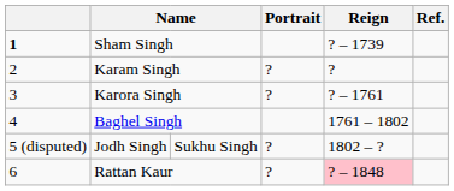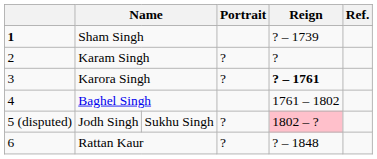 <table class="wikitable">
 <tr>
 <th></th>
 <th colspan="2">Name<br></th>
 <th>Portrait</th>
 <th class="unsortable">Reign</th>
 <th>Ref.</th>
 </tr>
 <tr>
 <td><strong>1</strong></td>
 <td colspan="2">Sham Singh<br></td>
 <td></td>
 <td>? – 1739</td>
 <td></td>
 </tr>
 <tr>
 <td>2</td>
 <td colspan="2">Karam Singh</td>
 <td>?</td>
 <td>?</td>
 <td></td>
 </tr>
 <tr>
 <td>3</td>
 <td colspan="2">Karora Singh<br></td>
 <td>?</td>
-<td>? – 1761</td>
+<td><strong>? – 1761</strong></td>
 <td></td>
 </tr>
 <tr>
 <td>4</td>
 <td colspan="2"><a href='#'>Baghel Singh</a><br></td>
 <td></td>
 <td>1761 – 1802</td>
 <td></td>
 </tr>
 <tr>
 <td>5 (disputed)</td>
 <td>Jodh Singh<br></td>
 <td>Sukhu Singh</td>
 <td>?</td>
-<td>1802 – ?</td>
+<td style="background: pink;">1802 – ?</td>
 <td></td>
 </tr>
 <tr>
 <td>6</td>
 <td colspan="2">Rattan Kaur<br></td>
 <td>?</td>
-<td style="background: pink;">? – 1848</td>
+<td>? – 1848</td>
 <td></td>
 </tr>
 </table>
